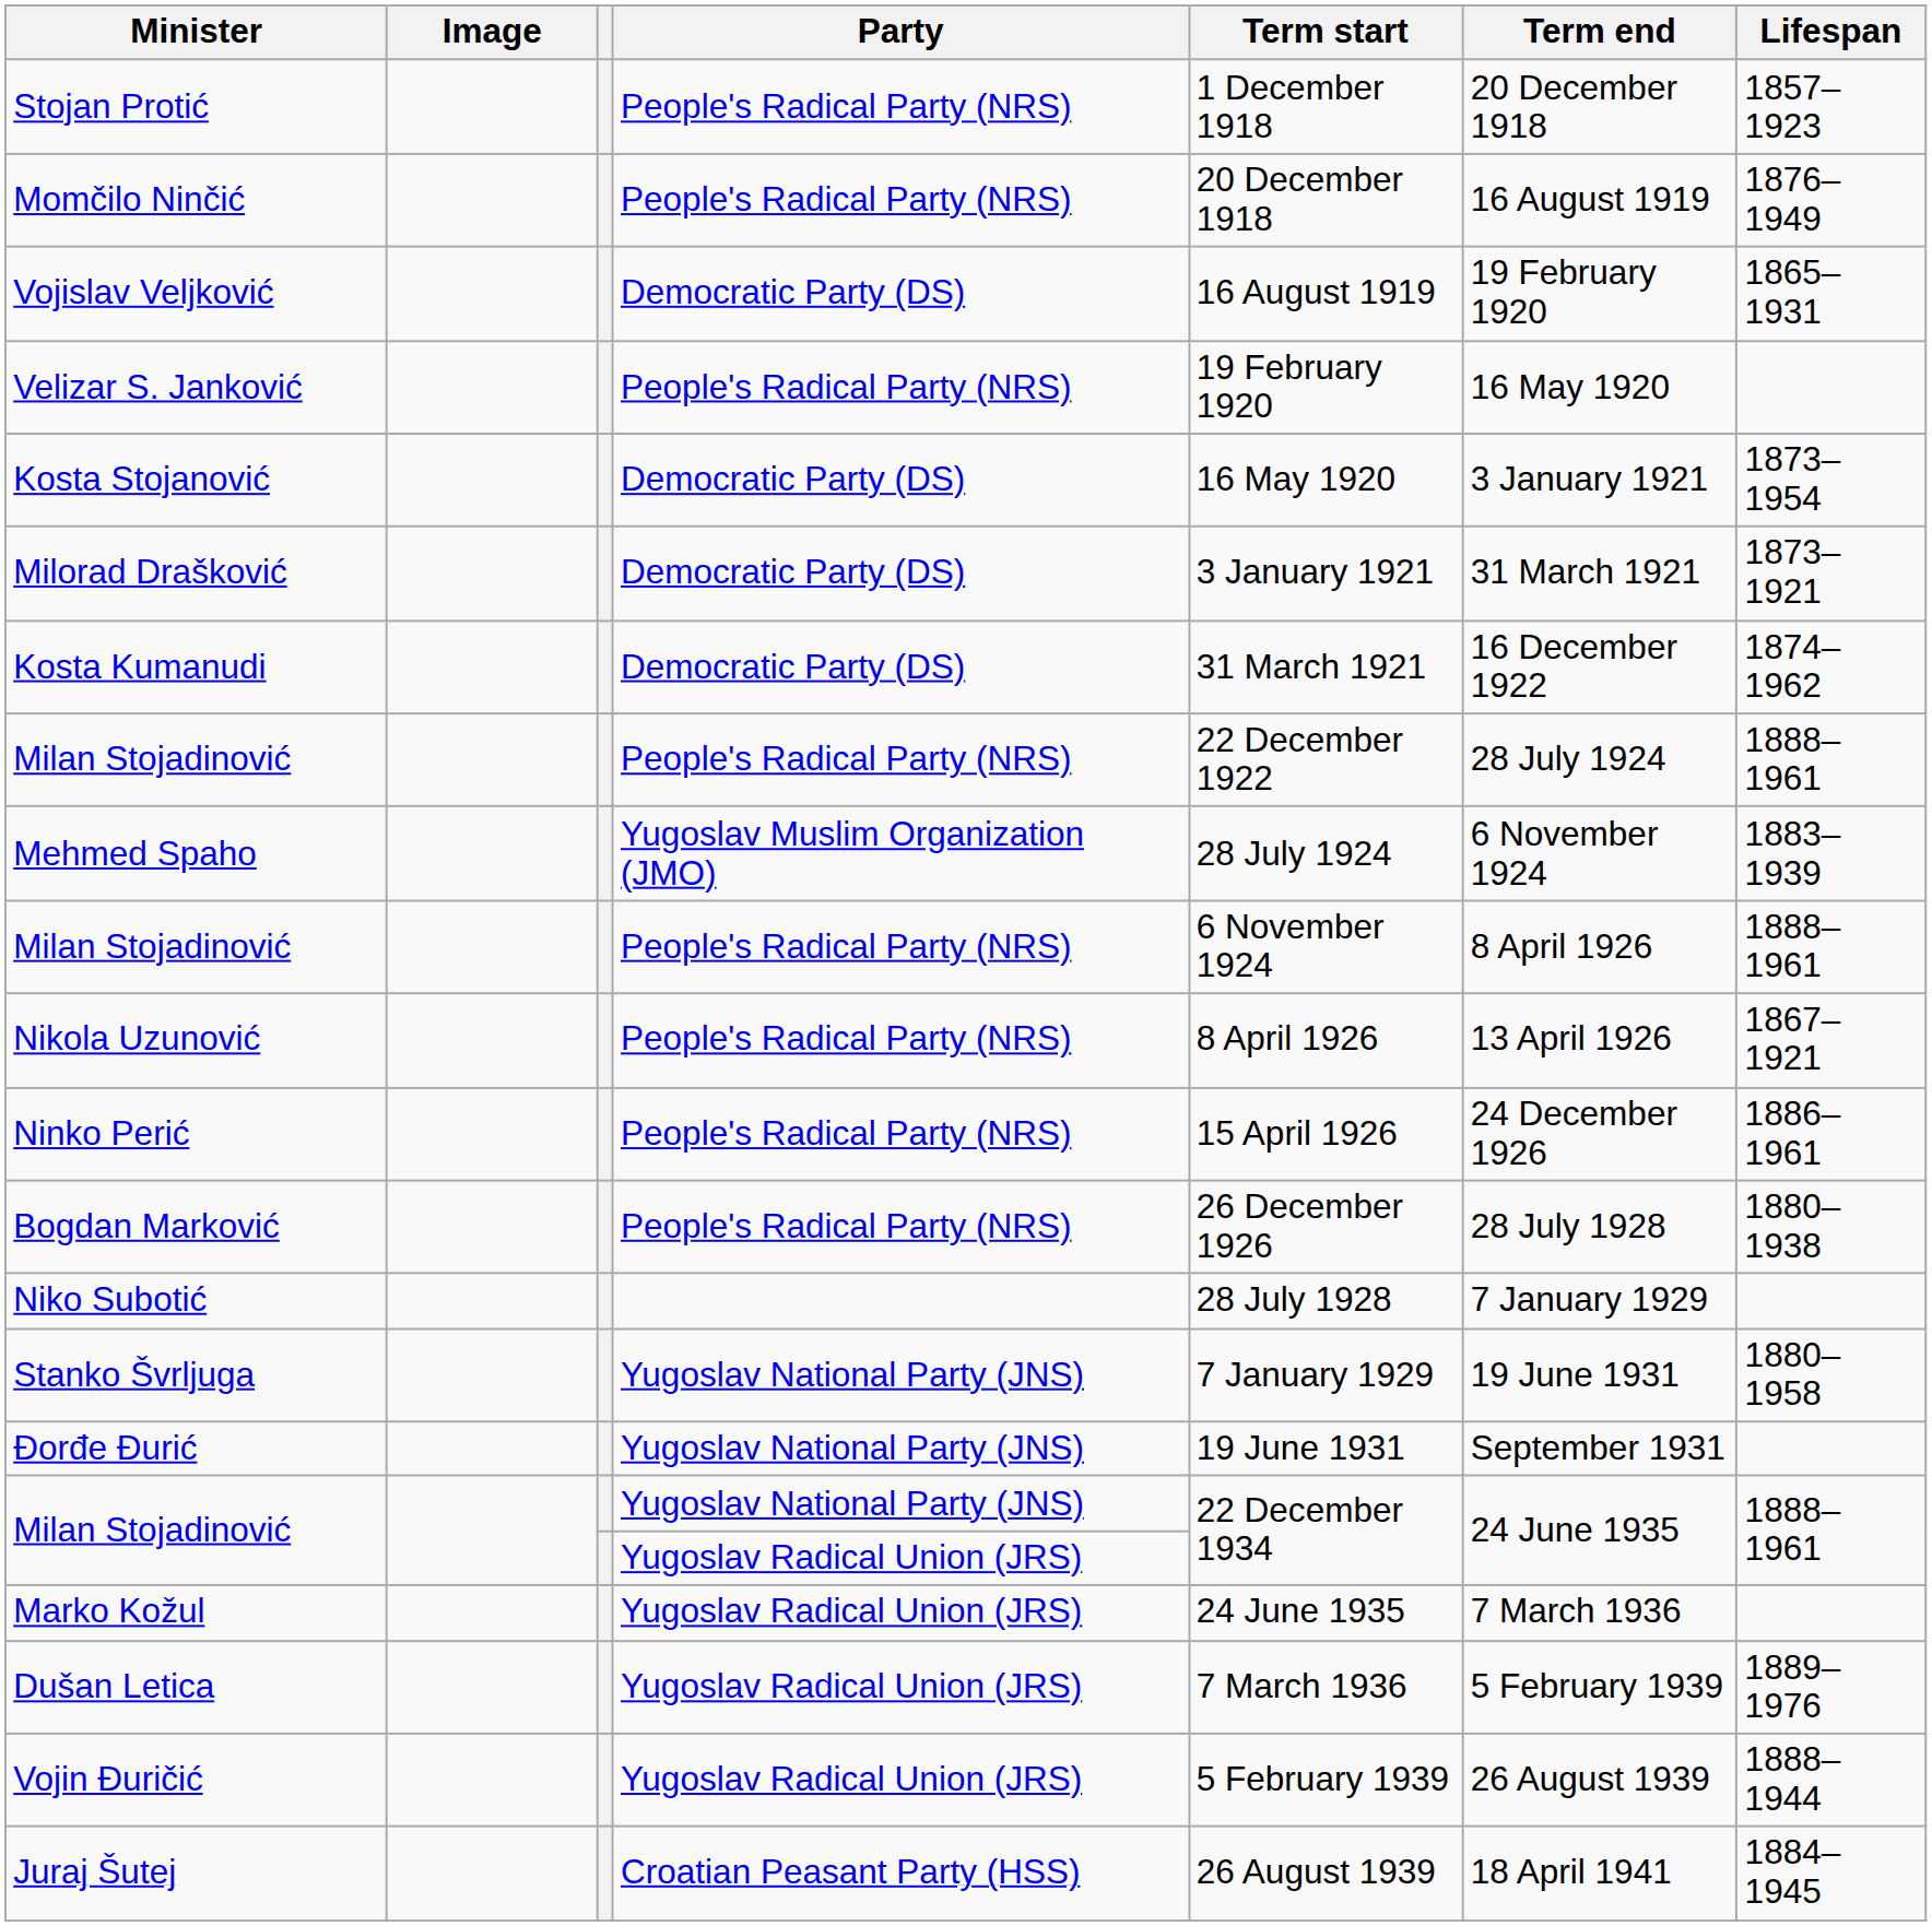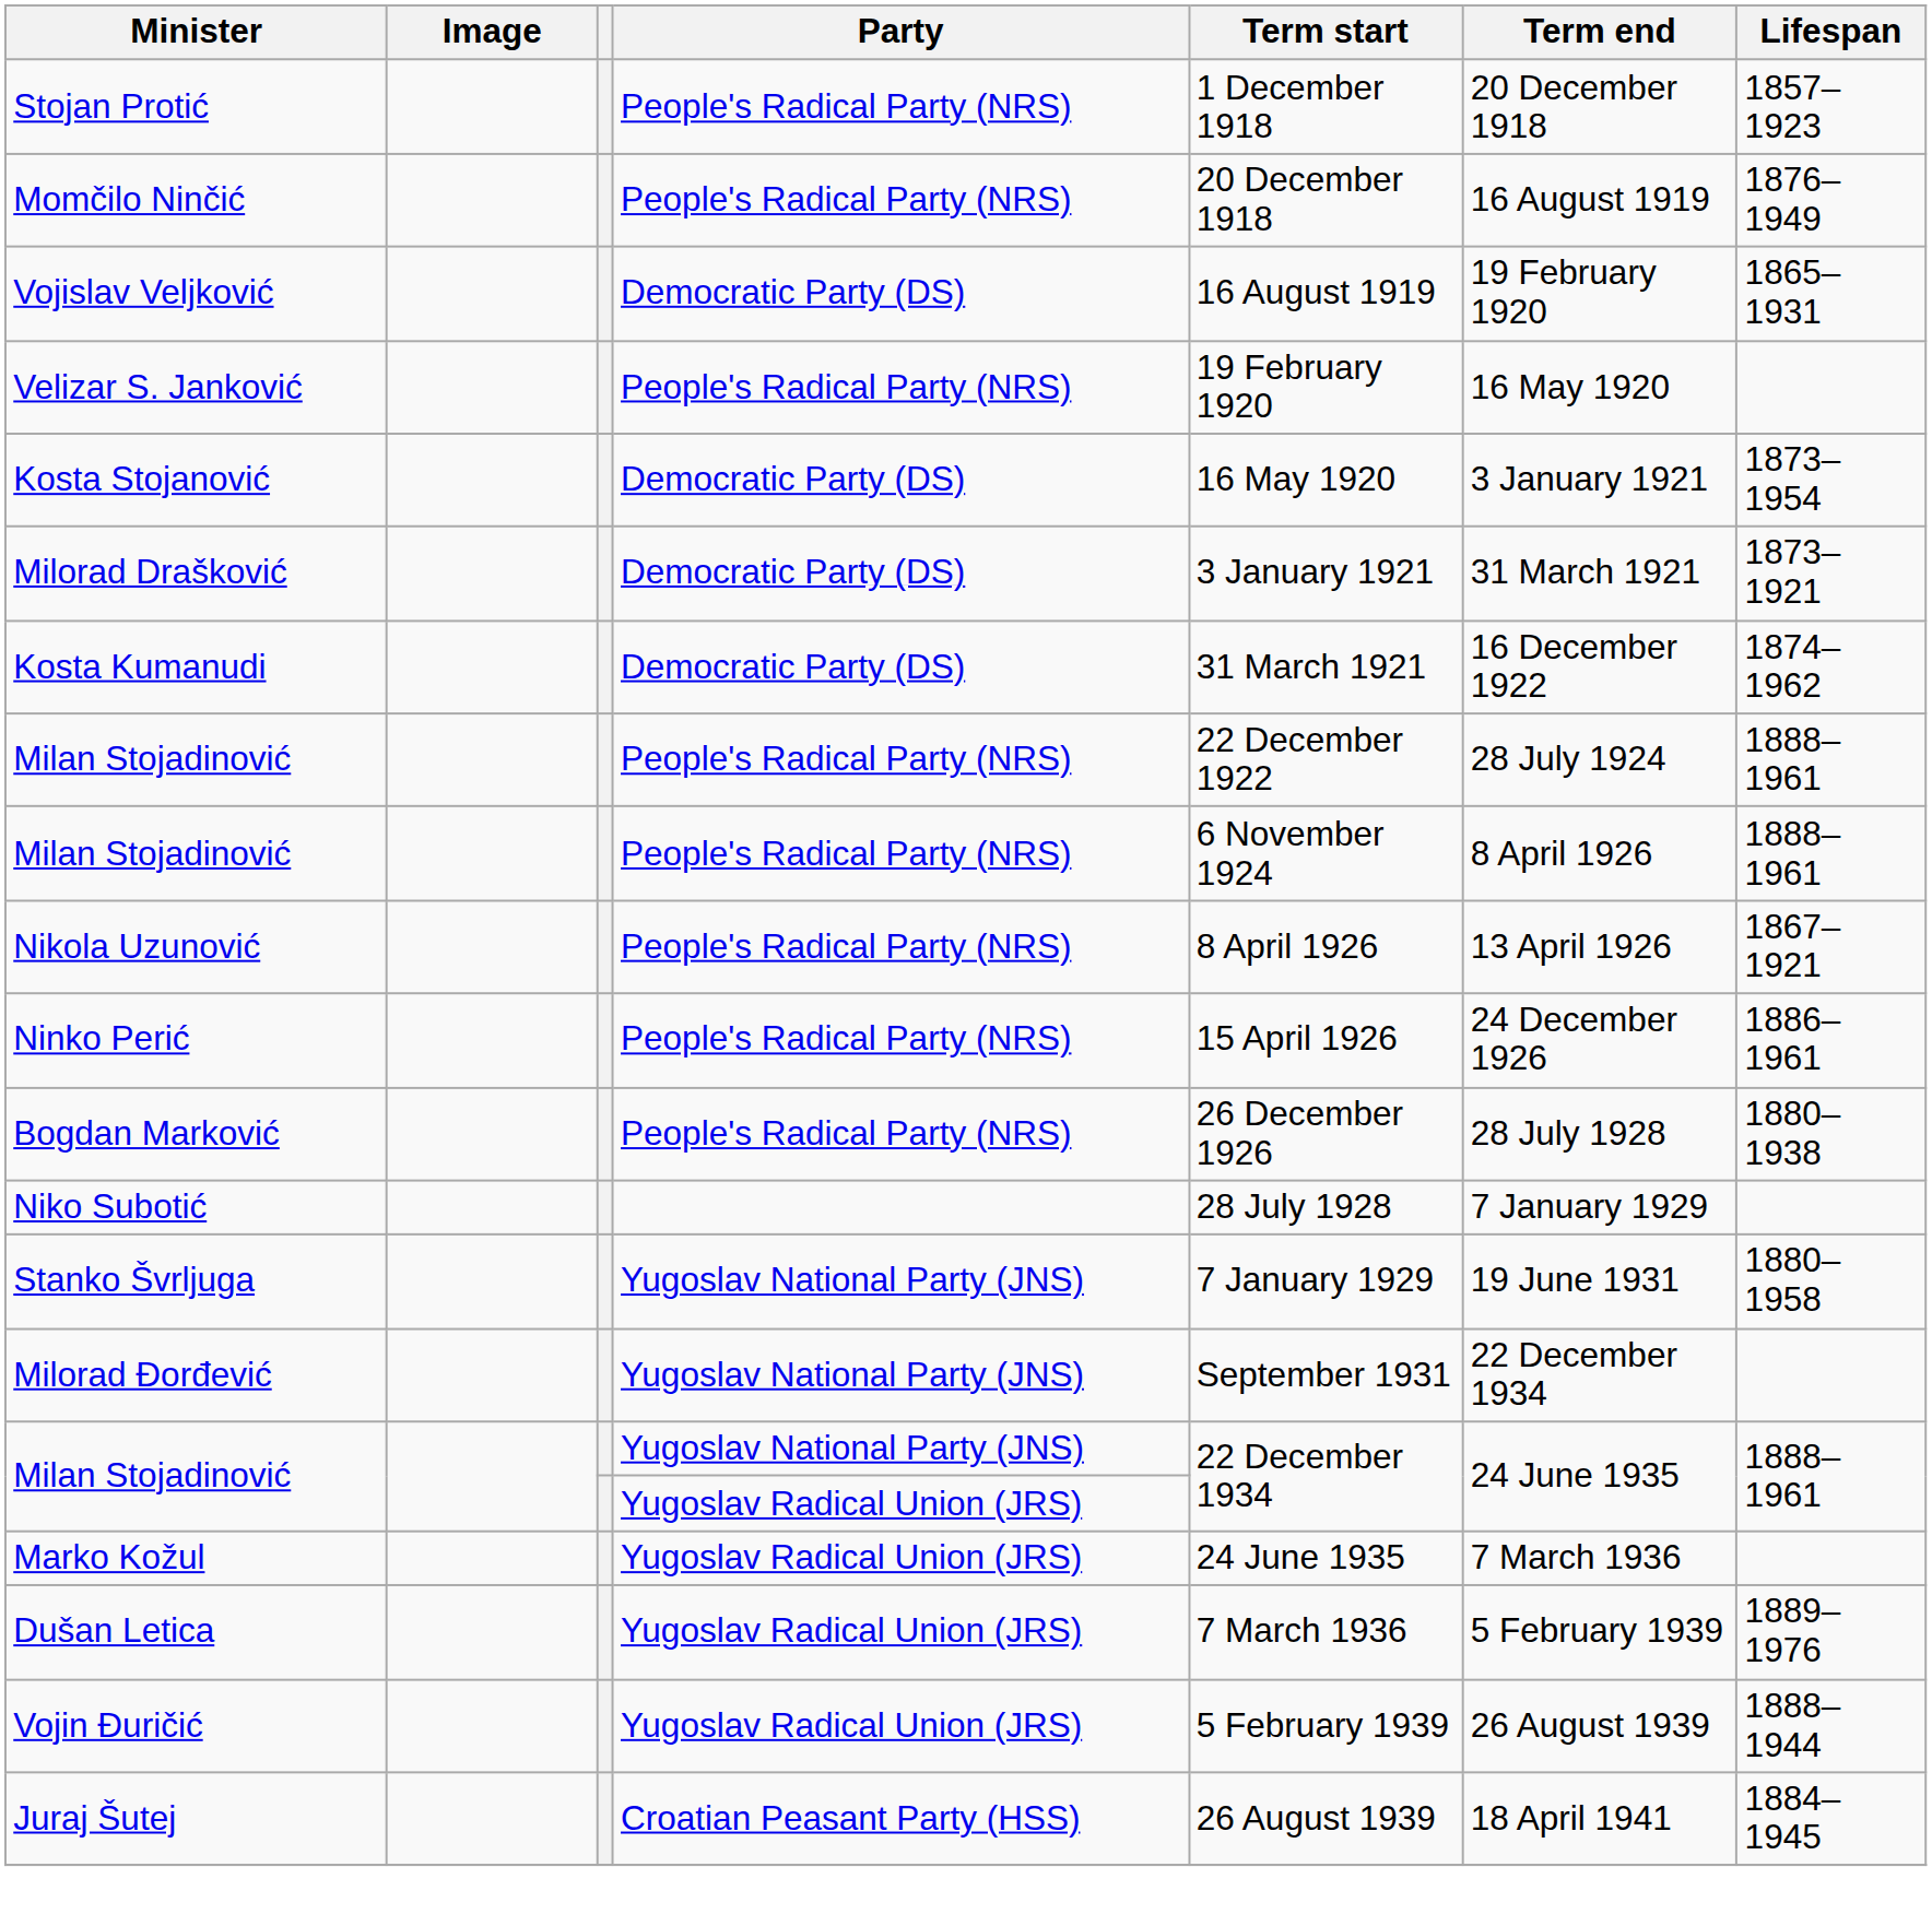 <table class="wikitable" style="text-align: left;">
 <tr>
 <th width="170">Minister</th>
 <th width="90">Image</th>
 <th></th>
 <th width="260">Party</th>
 <th width="120">Term start</th>
 <th width="120">Term end</th>
 <th width="80">Lifespan</th>
 </tr>
 <tr>
 <td><a href='#'>Stojan Protić</a></td>
 <td></td>
 <th style="background:"></th>
 <td><a href='#'>People's Radical Party (NRS)</a></td>
 <td>1 December 1918</td>
 <td>20 December 1918</td>
 <td>1857–1923</td>
 </tr>
 <tr>
 <td><a href='#'>Momčilo Ninčić</a></td>
 <td></td>
 <th style="background:"></th>
 <td><a href='#'>People's Radical Party (NRS)</a></td>
 <td>20 December 1918</td>
 <td>16 August 1919</td>
 <td>1876–1949</td>
 </tr>
 <tr>
 <td><a href='#'>Vojislav Veljković</a></td>
 <td></td>
 <th style="background:"></th>
 <td><a href='#'>Democratic Party (DS)</a></td>
 <td>16 August 1919</td>
 <td>19 February 1920</td>
 <td>1865–1931</td>
 </tr>
 <tr>
 <td><a href='#'>Velizar S. Janković</a></td>
 <td></td>
 <th style="background:"></th>
 <td><a href='#'>People's Radical Party (NRS)</a></td>
 <td>19 February 1920</td>
 <td>16 May 1920</td>
 <td></td>
 </tr>
 <tr>
 <td><a href='#'>Kosta Stojanović</a></td>
 <td></td>
 <th style="background:"></th>
 <td><a href='#'>Democratic Party (DS)</a></td>
 <td>16 May 1920</td>
 <td>3 January 1921<br></td>
 <td>1873–1954</td>
 </tr>
 <tr>
 <td><a href='#'>Milorad Drašković</a><br></td>
 <td></td>
 <th style="background:"></th>
 <td><a href='#'>Democratic Party (DS)</a></td>
 <td>3 January 1921</td>
 <td>31 March 1921</td>
 <td>1873–1921</td>
 </tr>
 <tr>
 <td><a href='#'>Kosta Kumanudi</a></td>
 <td></td>
 <th style="background:"></th>
 <td><a href='#'>Democratic Party (DS)</a></td>
 <td>31 March 1921</td>
 <td>16 December 1922</td>
 <td>1874–1962</td>
 </tr>
 <tr>
 <td><a href='#'>Milan Stojadinović</a></td>
 <td></td>
 <th style="background:"></th>
 <td><a href='#'>People's Radical Party (NRS)</a></td>
 <td>22 December 1922</td>
 <td>28 July 1924</td>
 <td>1888–1961</td>
 </tr>
 <tr>
-<td><a href='#'>Mehmed Spaho</a></td>
-<td></td>
-<th style="background:"></th>
-<td><a href='#'>Yugoslav Muslim Organization (JMO)</a></td>
-<td>28 July 1924</td>
-<td>6 November 1924</td>
-<td>1883–1939</td>
-</tr>
-<tr>
 <td><a href='#'>Milan Stojadinović</a></td>
 <td></td>
 <th style="background:"></th>
 <td><a href='#'>People's Radical Party (NRS)</a></td>
 <td>6 November 1924</td>
 <td>8 April 1926</td>
 <td>1888–1961</td>
 </tr>
 <tr>
 <td><a href='#'>Nikola Uzunović</a><br></td>
 <td></td>
 <th style="background:"></th>
 <td><a href='#'>People's Radical Party (NRS)</a></td>
 <td>8 April 1926</td>
 <td>13 April 1926</td>
 <td>1867–1921</td>
 </tr>
 <tr>
 <td><a href='#'>Ninko Perić</a></td>
 <td></td>
 <th style="background:"></th>
 <td><a href='#'>People's Radical Party (NRS)</a></td>
 <td>15 April 1926</td>
 <td>24 December 1926</td>
 <td>1886–1961</td>
 </tr>
 <tr>
 <td><a href='#'>Bogdan Marković</a></td>
 <td></td>
 <th style="background:"></th>
 <td><a href='#'>People's Radical Party (NRS)</a></td>
 <td>26 December 1926</td>
 <td>28 July 1928</td>
 <td>1880–1938</td>
 </tr>
 <tr>
 <td><a href='#'>Niko Subotić</a></td>
 <td></td>
 <th style="background:"></th>
 <td></td>
 <td>28 July 1928</td>
 <td>7 January 1929</td>
 <td></td>
 </tr>
 <tr>
 <td><a href='#'>Stanko Švrljuga</a></td>
 <td></td>
 <th style="background:"></th>
 <td><a href='#'>Yugoslav National Party (JNS)</a></td>
 <td>7 January 1929</td>
 <td>19 June 1931</td>
 <td>1880–1958</td>
 </tr>
 <tr>
-<td><a href='#'>Đorđe Đurić</a></td>
+<td><a href='#'>Milorad Đorđević</a></td>
 <td></td>
 <th style="background:"></th>
 <td><a href='#'>Yugoslav National Party (JNS)</a></td>
-<td>19 June 1931</td>
 <td>September 1931</td>
+<td>22 December 1934</td>
 <td></td>
 </tr>
 <tr>
 <td rowspan="2"><a href='#'>Milan Stojadinović</a></td>
 <td rowspan="2"></td>
 <th style="background:"></th>
 <td><a href='#'>Yugoslav National Party (JNS)</a></td>
 <td rowspan="2">22 December 1934</td>
 <td rowspan="2">24 June 1935</td>
 <td rowspan="2">1888–1961</td>
 </tr>
 <tr>
 <th style="background:"></th>
 <td><a href='#'>Yugoslav Radical Union (JRS)</a></td>
 </tr>
 <tr>
 <td><a href='#'>Marko Kožul</a></td>
 <td></td>
 <th style="background:"></th>
 <td><a href='#'>Yugoslav Radical Union (JRS)</a></td>
 <td>24 June 1935</td>
 <td>7 March 1936</td>
 <td></td>
 </tr>
 <tr>
 <td><a href='#'>Dušan Letica</a></td>
 <td></td>
 <th style="background:"></th>
 <td><a href='#'>Yugoslav Radical Union (JRS)</a></td>
 <td>7 March 1936</td>
 <td>5 February 1939</td>
 <td>1889–1976</td>
 </tr>
 <tr>
 <td><a href='#'>Vojin Đuričić</a></td>
 <td></td>
 <th style="background:"></th>
 <td><a href='#'>Yugoslav Radical Union (JRS)</a></td>
 <td>5 February 1939</td>
 <td>26 August 1939</td>
 <td>1888–1944</td>
 </tr>
 <tr>
 <td><a href='#'>Juraj Šutej</a></td>
 <td></td>
 <th style="background:"></th>
 <td><a href='#'>Croatian Peasant Party (HSS)</a></td>
 <td>26 August 1939</td>
 <td>18 April 1941</td>
 <td>1884–1945</td>
 </tr>
 <tr>
 </tr>
 </table>
